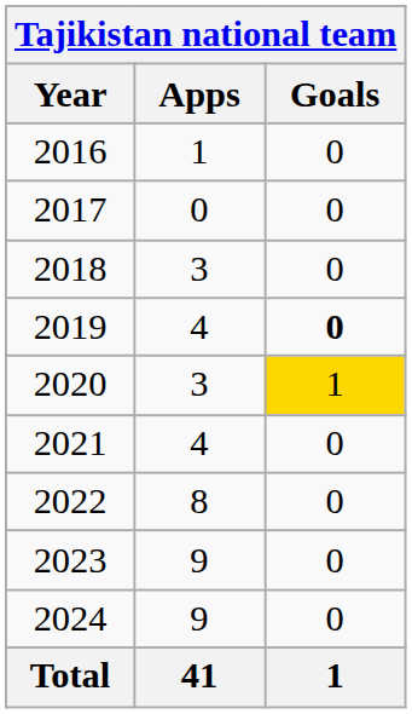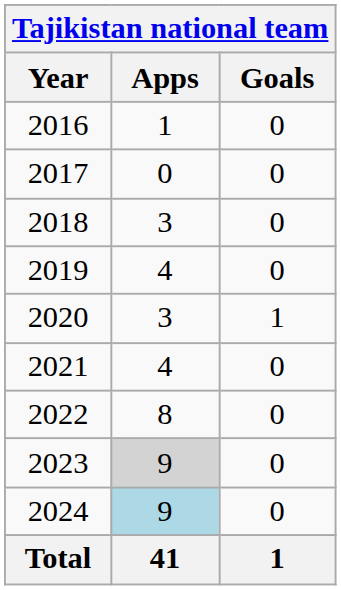 <table class="wikitable" style="text-align:center">
 <tr>
 <th colspan=3><a href='#'>Tajikistan national team</a></th>
 </tr>
 <tr>
 <th>Year</th>
 <th>Apps</th>
 <th>Goals</th>
 </tr>
 <tr>
 <td>2016</td>
 <td>1</td>
 <td>0</td>
 </tr>
 <tr>
 <td>2017</td>
 <td>0</td>
 <td>0</td>
 </tr>
 <tr>
 <td>2018</td>
 <td>3</td>
 <td>0</td>
 </tr>
 <tr>
 <td>2019</td>
 <td>4</td>
-<td><strong>0</strong></td>
+<td>0</td>
 </tr>
 <tr>
 <td>2020</td>
 <td>3</td>
-<td style="background: gold;">1</td>
+<td>1</td>
 </tr>
 <tr>
 <td>2021</td>
 <td>4</td>
 <td>0</td>
 </tr>
 <tr>
 <td>2022</td>
 <td>8</td>
 <td>0</td>
 </tr>
 <tr>
 <td>2023</td>
-<td>9</td>
+<td style="background: lightgrey;">9</td>
 <td>0</td>
 </tr>
 <tr>
 <td>2024</td>
-<td>9</td>
+<td style="background: lightblue;">9</td>
 <td>0</td>
 </tr>
 <tr>
 <th>Total</th>
 <th>41</th>
 <th>1</th>
 </tr>
 </table>
